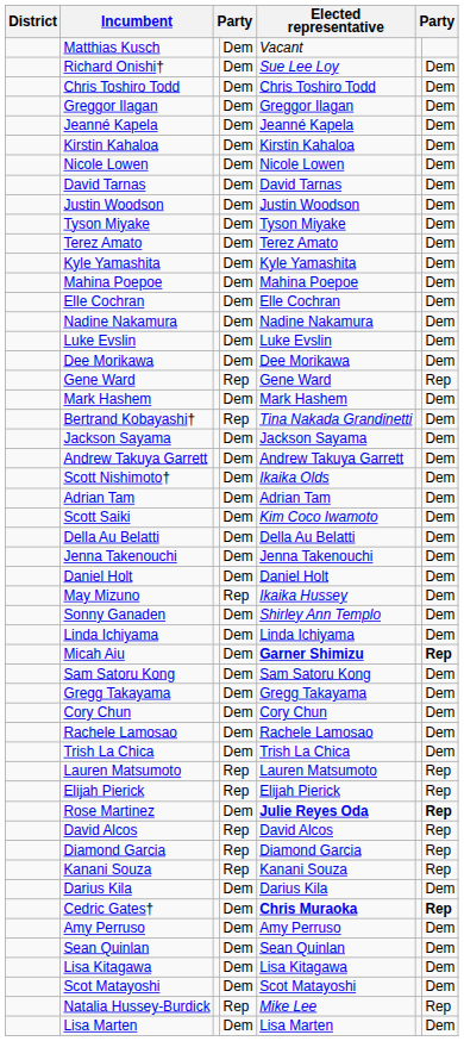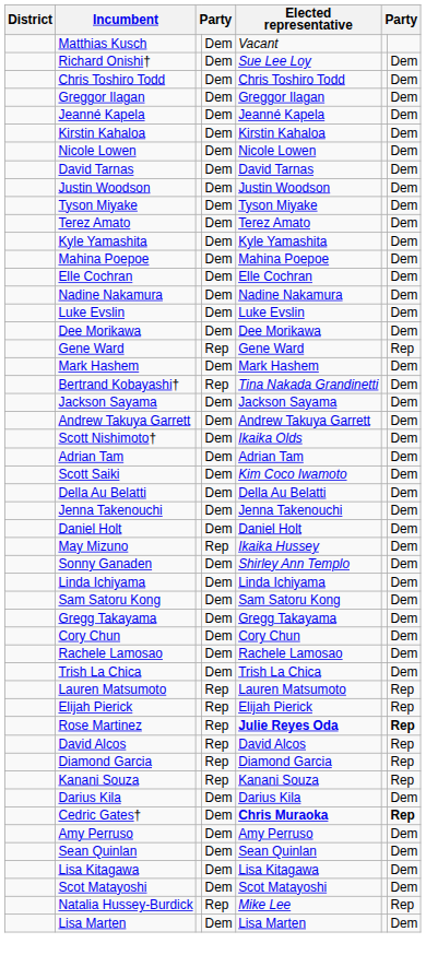 <table class="wikitable sortable" style="font-size:95%;line-height:14px;">
 <tr>
 <th>District</th>
 <th><a href='#'>Incumbent</a></th>
 <th colspan=2>Party</th>
 <th>Elected<br>representative</th>
 <th colspan=2>Party</th>
 </tr>
 <tr>
 <td></td>
 <td><a href='#'>Matthias Kusch</a></td>
 <td style="background:"></td>
 <td>Dem</td>
 <td><em>Vacant</em></td>
 <td></td>
 <td></td>
 </tr>
 <tr>
 <td></td>
 <td><a href='#'>Richard Onishi</a>†</td>
 <td style="background:"></td>
 <td>Dem</td>
 <td><em><a href='#'>Sue Lee Loy</a></em></td>
 <td style="background:"></td>
 <td>Dem</td>
 </tr>
 <tr>
 <td></td>
 <td><a href='#'>Chris Toshiro Todd</a></td>
 <td style="background:"></td>
 <td>Dem</td>
 <td><a href='#'>Chris Toshiro Todd</a></td>
 <td style="background:"></td>
 <td>Dem</td>
 </tr>
 <tr>
 <td></td>
 <td><a href='#'>Greggor Ilagan</a></td>
 <td style="background:"></td>
 <td>Dem</td>
 <td><a href='#'>Greggor Ilagan</a></td>
 <td style="background:"></td>
 <td>Dem</td>
 </tr>
 <tr>
 <td></td>
 <td><a href='#'>Jeanné Kapela</a></td>
 <td style="background:"></td>
 <td>Dem</td>
 <td><a href='#'>Jeanné Kapela</a></td>
 <td style="background:"></td>
 <td>Dem</td>
 </tr>
 <tr>
 <td></td>
 <td><a href='#'>Kirstin Kahaloa</a></td>
 <td style="background:"></td>
 <td>Dem</td>
 <td><a href='#'>Kirstin Kahaloa</a></td>
 <td style="background:"></td>
 <td>Dem</td>
 </tr>
 <tr>
 <td></td>
 <td><a href='#'>Nicole Lowen</a></td>
 <td style="background:"></td>
 <td>Dem</td>
 <td><a href='#'>Nicole Lowen</a></td>
 <td style="background:"></td>
 <td>Dem</td>
 </tr>
 <tr>
 <td></td>
 <td><a href='#'>David Tarnas</a></td>
 <td style="background:"></td>
 <td>Dem</td>
 <td><a href='#'>David Tarnas</a></td>
 <td style="background:"></td>
 <td>Dem</td>
 </tr>
 <tr>
 <td></td>
 <td><a href='#'>Justin Woodson</a></td>
 <td style="background:"></td>
 <td>Dem</td>
 <td><a href='#'>Justin Woodson</a></td>
 <td style="background:"></td>
 <td>Dem</td>
 </tr>
 <tr>
 <td></td>
 <td><a href='#'>Tyson Miyake</a></td>
 <td style="background:"></td>
 <td>Dem</td>
 <td><a href='#'>Tyson Miyake</a></td>
 <td style="background:"></td>
 <td>Dem</td>
 </tr>
 <tr>
 <td></td>
 <td><a href='#'>Terez Amato</a></td>
 <td style="background:"></td>
 <td>Dem</td>
 <td><a href='#'>Terez Amato</a></td>
 <td style="background:"></td>
 <td>Dem</td>
 </tr>
 <tr>
 <td></td>
 <td><a href='#'>Kyle Yamashita</a></td>
 <td style="background:"></td>
 <td>Dem</td>
 <td><a href='#'>Kyle Yamashita</a></td>
 <td style="background:"></td>
 <td>Dem</td>
 </tr>
 <tr>
 <td></td>
 <td><a href='#'>Mahina Poepoe</a></td>
 <td style="background:"></td>
 <td>Dem</td>
 <td><a href='#'>Mahina Poepoe</a></td>
 <td style="background:"></td>
 <td>Dem</td>
 </tr>
 <tr>
 <td></td>
 <td><a href='#'>Elle Cochran</a></td>
 <td style="background:"></td>
 <td>Dem</td>
 <td><a href='#'>Elle Cochran</a></td>
 <td style="background:"></td>
 <td>Dem</td>
 </tr>
 <tr>
 <td></td>
 <td><a href='#'>Nadine Nakamura</a></td>
 <td style="background:"></td>
 <td>Dem</td>
 <td><a href='#'>Nadine Nakamura</a></td>
 <td style="background:"></td>
 <td>Dem</td>
 </tr>
 <tr>
 <td></td>
 <td><a href='#'>Luke Evslin</a></td>
 <td style="background:"></td>
 <td>Dem</td>
 <td><a href='#'>Luke Evslin</a></td>
 <td style="background:"></td>
 <td>Dem</td>
 </tr>
 <tr>
 <td></td>
 <td><a href='#'>Dee Morikawa</a></td>
 <td style="background:"></td>
 <td>Dem</td>
 <td><a href='#'>Dee Morikawa</a></td>
 <td style="background:"></td>
 <td>Dem</td>
 </tr>
 <tr>
 <td></td>
 <td><a href='#'>Gene Ward</a></td>
 <td style="background:"></td>
 <td>Rep</td>
 <td><a href='#'>Gene Ward</a></td>
 <td style="background:"></td>
 <td>Rep</td>
 </tr>
 <tr>
 <td></td>
 <td><a href='#'>Mark Hashem</a></td>
 <td style="background:"></td>
 <td>Dem</td>
 <td><a href='#'>Mark Hashem</a></td>
 <td style="background:"></td>
 <td>Dem</td>
 </tr>
 <tr>
 <td></td>
 <td><a href='#'>Bertrand Kobayashi</a>†</td>
 <td style="background:"></td>
 <td>Rep</td>
 <td><em><a href='#'>Tina Nakada Grandinetti</a></em></td>
 <td style="background:"></td>
 <td>Dem</td>
 </tr>
 <tr>
 <td></td>
 <td><a href='#'>Jackson Sayama</a></td>
 <td style="background:"></td>
 <td>Dem</td>
 <td><a href='#'>Jackson Sayama</a></td>
 <td style="background:"></td>
 <td>Dem</td>
 </tr>
 <tr>
 <td></td>
 <td><a href='#'>Andrew Takuya Garrett</a></td>
 <td style="background:"></td>
 <td>Dem</td>
 <td><a href='#'>Andrew Takuya Garrett</a></td>
 <td style="background:"></td>
 <td>Dem</td>
 </tr>
 <tr>
 <td></td>
 <td><a href='#'>Scott Nishimoto</a>†</td>
 <td style="background:"></td>
 <td>Dem</td>
 <td><em><a href='#'>Ikaika Olds</a></em></td>
 <td style="background:"></td>
 <td>Dem</td>
 </tr>
 <tr>
 <td></td>
 <td><a href='#'>Adrian Tam</a></td>
 <td style="background:"></td>
 <td>Dem</td>
 <td><a href='#'>Adrian Tam</a></td>
 <td style="background:"></td>
 <td>Dem</td>
 </tr>
 <tr>
 <td></td>
 <td><a href='#'>Scott Saiki</a></td>
 <td style="background:"></td>
 <td>Dem</td>
 <td><em><a href='#'>Kim Coco Iwamoto</a></em></td>
 <td style="background:"></td>
 <td>Dem</td>
 </tr>
 <tr>
 <td></td>
 <td><a href='#'>Della Au Belatti</a></td>
 <td style="background:"></td>
 <td>Dem</td>
 <td><a href='#'>Della Au Belatti</a></td>
 <td style="background:"></td>
 <td>Dem</td>
 </tr>
 <tr>
 <td></td>
 <td><a href='#'>Jenna Takenouchi</a></td>
 <td style="background:"></td>
 <td>Dem</td>
 <td><a href='#'>Jenna Takenouchi</a></td>
 <td style="background:"></td>
 <td>Dem</td>
 </tr>
 <tr>
 <td></td>
 <td><a href='#'>Daniel Holt</a></td>
 <td style="background:"></td>
 <td>Dem</td>
 <td><a href='#'>Daniel Holt</a></td>
 <td style="background:"></td>
 <td>Dem</td>
 </tr>
 <tr>
 <td></td>
 <td><a href='#'>May Mizuno</a></td>
 <td style="background:"></td>
 <td>Rep</td>
 <td><em><a href='#'>Ikaika Hussey</a></em></td>
 <td style="background:"></td>
 <td>Dem</td>
 </tr>
 <tr>
 <td></td>
 <td><a href='#'>Sonny Ganaden</a></td>
 <td style="background:"></td>
 <td>Dem</td>
 <td><em><a href='#'>Shirley Ann Templo</a></em></td>
 <td style="background:"></td>
 <td>Dem</td>
 </tr>
 <tr>
 <td></td>
 <td><a href='#'>Linda Ichiyama</a></td>
 <td style="background:"></td>
 <td>Dem</td>
 <td><a href='#'>Linda Ichiyama</a></td>
 <td style="background:"></td>
 <td>Dem</td>
 </tr>
 <tr>
 <td></td>
-<td><a href='#'>Micah Aiu</a></td>
-<td style="background:"></td>
-<td>Dem</td>
-<td><strong><a href='#'>Garner Shimizu</a></strong></td>
-<td style="background:"></td>
-<td><strong>Rep</strong></td>
-</tr>
-<tr>
-<td></td>
 <td><a href='#'>Sam Satoru Kong</a></td>
 <td style="background:"></td>
 <td>Dem</td>
 <td><a href='#'>Sam Satoru Kong</a></td>
 <td style="background:"></td>
 <td>Dem</td>
 </tr>
 <tr>
 <td></td>
 <td><a href='#'>Gregg Takayama</a></td>
 <td style="background:"></td>
 <td>Dem</td>
 <td><a href='#'>Gregg Takayama</a></td>
 <td style="background:"></td>
 <td>Dem</td>
 </tr>
 <tr>
 <td></td>
 <td><a href='#'>Cory Chun</a></td>
 <td style="background:"></td>
 <td>Dem</td>
 <td><a href='#'>Cory Chun</a></td>
 <td style="background:"></td>
 <td>Dem</td>
 </tr>
 <tr>
 <td></td>
 <td><a href='#'>Rachele Lamosao</a></td>
 <td style="background:"></td>
 <td>Dem</td>
 <td><a href='#'>Rachele Lamosao</a></td>
 <td style="background:"></td>
 <td>Dem</td>
 </tr>
 <tr>
 <td></td>
 <td><a href='#'>Trish La Chica</a></td>
 <td style="background:"></td>
 <td>Dem</td>
 <td><a href='#'>Trish La Chica</a></td>
 <td style="background:"></td>
 <td>Dem</td>
 </tr>
 <tr>
 <td></td>
 <td><a href='#'>Lauren Matsumoto</a></td>
 <td style="background:"></td>
 <td>Rep</td>
 <td><a href='#'>Lauren Matsumoto</a></td>
 <td style="background:"></td>
 <td>Rep</td>
 </tr>
 <tr>
 <td></td>
 <td><a href='#'>Elijah Pierick</a></td>
 <td style="background:"></td>
 <td>Rep</td>
 <td><a href='#'>Elijah Pierick</a></td>
 <td style="background:"></td>
 <td>Rep</td>
 </tr>
 <tr>
 <td></td>
 <td><a href='#'>Rose Martinez</a></td>
 <td style="background:"></td>
-<td>Dem</td>
+<td>Rep</td>
 <td><strong><a href='#'>Julie Reyes Oda</a></strong></td>
 <td style="background:"></td>
 <td><strong>Rep</strong></td>
 </tr>
 <tr>
 <td></td>
 <td><a href='#'>David Alcos</a></td>
 <td style="background:"></td>
 <td>Rep</td>
 <td><a href='#'>David Alcos</a></td>
 <td style="background:"></td>
 <td>Rep</td>
 </tr>
 <tr>
 <td></td>
 <td><a href='#'>Diamond Garcia</a></td>
 <td style="background:"></td>
 <td>Rep</td>
 <td><a href='#'>Diamond Garcia</a></td>
 <td style="background:"></td>
 <td>Rep</td>
 </tr>
 <tr>
 <td></td>
 <td><a href='#'>Kanani Souza</a></td>
 <td style="background:"></td>
 <td>Rep</td>
 <td><a href='#'>Kanani Souza</a></td>
 <td style="background:"></td>
 <td>Rep</td>
 </tr>
 <tr>
 <td></td>
 <td><a href='#'>Darius Kila</a></td>
 <td style="background:"></td>
 <td>Dem</td>
 <td><a href='#'>Darius Kila</a></td>
 <td style="background:"></td>
 <td>Dem</td>
 </tr>
 <tr>
 <td></td>
 <td><a href='#'>Cedric Gates</a>†</td>
 <td style="background:"></td>
 <td>Dem</td>
 <td><strong><a href='#'>Chris Muraoka</a></strong></td>
 <td style="background:"></td>
 <td><strong>Rep</strong></td>
 </tr>
 <tr>
 <td></td>
 <td><a href='#'>Amy Perruso</a></td>
 <td style="background:"></td>
 <td>Dem</td>
 <td><a href='#'>Amy Perruso</a></td>
 <td style="background:"></td>
 <td>Dem</td>
 </tr>
 <tr>
 <td></td>
 <td><a href='#'>Sean Quinlan</a></td>
 <td style="background:"></td>
 <td>Dem</td>
 <td><a href='#'>Sean Quinlan</a></td>
 <td style="background:"></td>
 <td>Dem</td>
 </tr>
 <tr>
 <td></td>
 <td><a href='#'>Lisa Kitagawa</a></td>
 <td style="background:"></td>
 <td>Dem</td>
 <td><a href='#'>Lisa Kitagawa</a></td>
 <td style="background:"></td>
 <td>Dem</td>
 </tr>
 <tr>
 <td></td>
 <td><a href='#'>Scot Matayoshi</a></td>
 <td style="background:"></td>
 <td>Dem</td>
 <td><a href='#'>Scot Matayoshi</a></td>
 <td style="background:"></td>
 <td>Dem</td>
 </tr>
 <tr>
 <td></td>
 <td><a href='#'>Natalia Hussey-Burdick</a></td>
 <td style="background:"></td>
 <td>Rep</td>
 <td><em><a href='#'>Mike Lee</a></em></td>
 <td style="background:"></td>
 <td>Rep</td>
 </tr>
 <tr>
 <td></td>
 <td><a href='#'>Lisa Marten</a></td>
 <td style="background:"></td>
 <td>Dem</td>
 <td><a href='#'>Lisa Marten</a></td>
 <td style="background:"></td>
 <td>Dem</td>
 </tr>
 </table>
